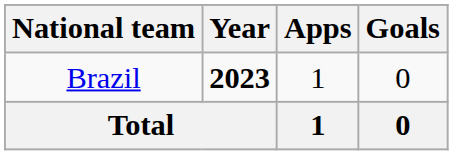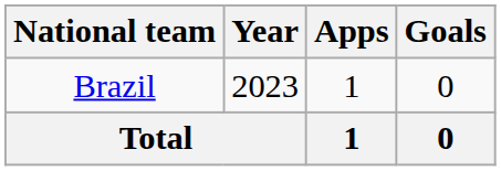 <table class="wikitable" style="text-align: center;">
 <tr>
 <th>National team</th>
 <th>Year</th>
 <th>Apps</th>
 <th>Goals</th>
 </tr>
 <tr>
 <td><a href='#'>Brazil</a></td>
-<td><strong>2023</strong></td>
+<td>2023</td>
 <td>1</td>
 <td>0</td>
 </tr>
 <tr>
 <th colspan="2">Total</th>
 <th>1</th>
 <th>0</th>
 </tr>
 </table>
